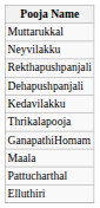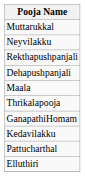 <table class="wikitable sortable">
 <tr>
 <th>Pooja Name</th>
 </tr>
 <tr>
 <td>Muttarukkal</td>
 </tr>
 <tr>
 <td>Neyvilakku</td>
 </tr>
 <tr>
 <td>Rekthapushpanjali</td>
 </tr>
 <tr>
 <td>Dehapushpanjali</td>
 </tr>
 <tr>
-<td>Kedavilakku</td>
+<td>Maala</td>
 </tr>
 <tr>
 <td>Thrikalapooja</td>
 </tr>
 <tr>
 <td>GanapathiHomam</td>
 </tr>
 <tr>
-<td>Maala</td>
+<td>Kedavilakku</td>
 </tr>
 <tr>
 <td>Pattucharthal</td>
 </tr>
 <tr>
 <td>Elluthiri</td>
 </tr>
 <tr>
 </tr>
 </table>
